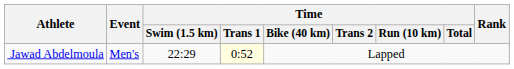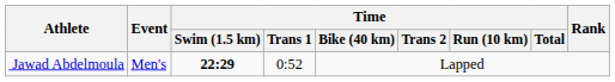 <table class=wikitable style="font-size:90%;text-align:center">
 <tr>
 <th rowspan=2>Athlete</th>
 <th rowspan=2>Event</th>
 <th colspan=6>Time</th>
 <th rowspan=2>Rank</th>
 </tr>
 <tr style="font-size:95%">
 <th>Swim (1.5 km)</th>
 <th>Trans 1</th>
 <th>Bike (40 km)</th>
 <th>Trans 2</th>
 <th>Run (10 km)</th>
 <th>Total</th>
 </tr>
 <tr>
 <td align=left><a href='#'> Jawad Abdelmoula</a></td>
 <td align=left><a href='#'>Men's</a></td>
-<td>22:29</td>
-<td style="background: lightyellow;">0:52</td>
+<td><strong>22:29</strong></td>
+<td>0:52</td>
 <td colspan="5">Lapped</td>
 </tr>
 </table>
